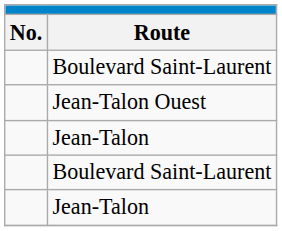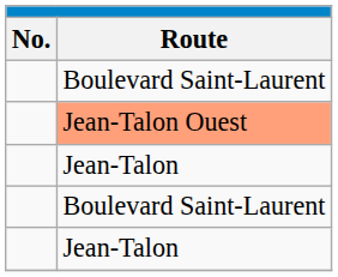 <table align=center class="wikitable">
 <tr>
 <th style="background: #0085CA; font-size:100%; color:#FFFFFF;"colspan="4"><a href='#'></a></th>
 </tr>
 <tr>
 <th>No.</th>
 <th>Route</th>
 </tr>
 <tr>
 <td {{Avoid wrap> </td>
 <td>Boulevard Saint-Laurent</td>
 </tr>
 <tr>
 <td></td>
-<td>Jean-Talon Ouest</td>
+<td style="background: lightsalmon;">Jean-Talon Ouest</td>
 </tr>
 <tr>
 <td></td>
 <td>Jean-Talon</td>
 </tr>
 <tr>
 <td {{Avoid wrap> </td>
 <td>Boulevard Saint-Laurent</td>
 </tr>
 <tr>
 <td {{Avoid wrap> </td>
 <td>Jean-Talon</td>
 </tr>
 <tr>
 </tr>
 </table>
